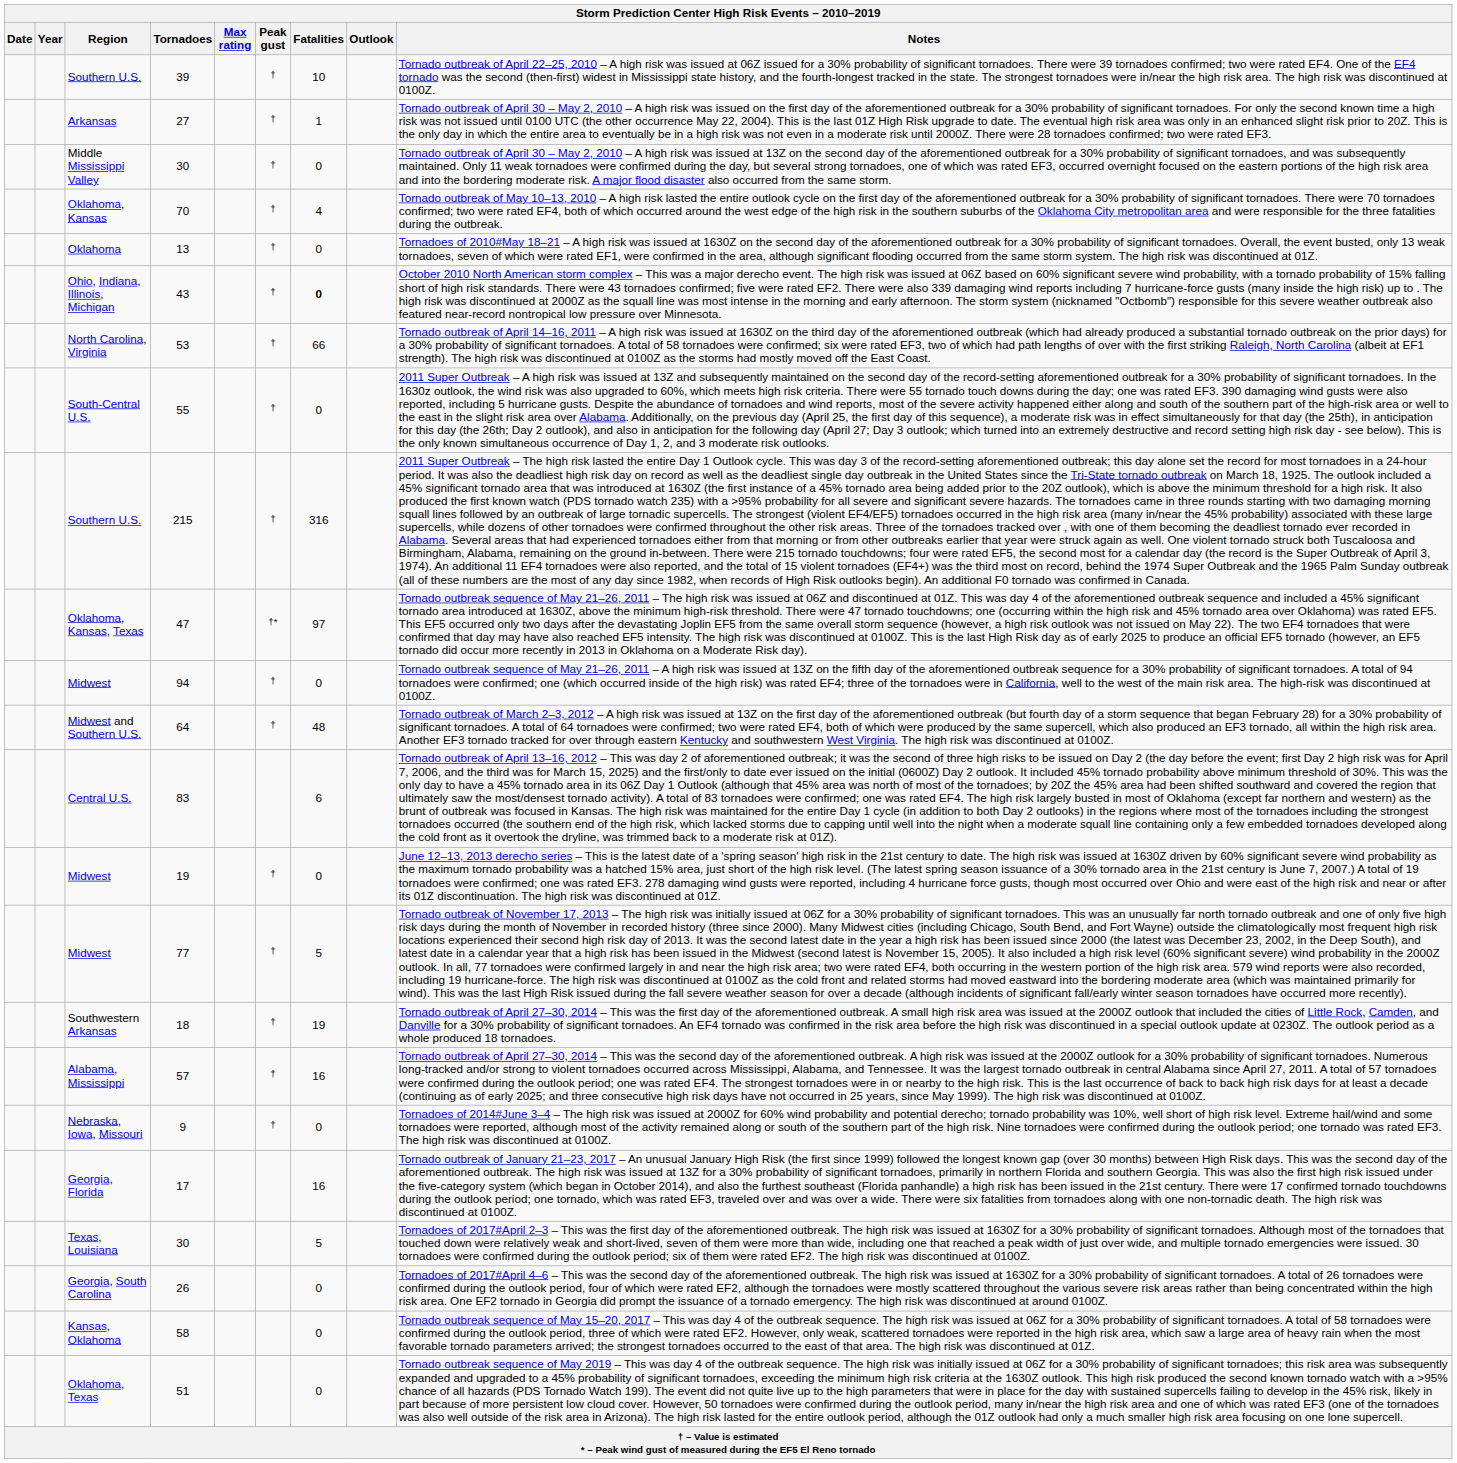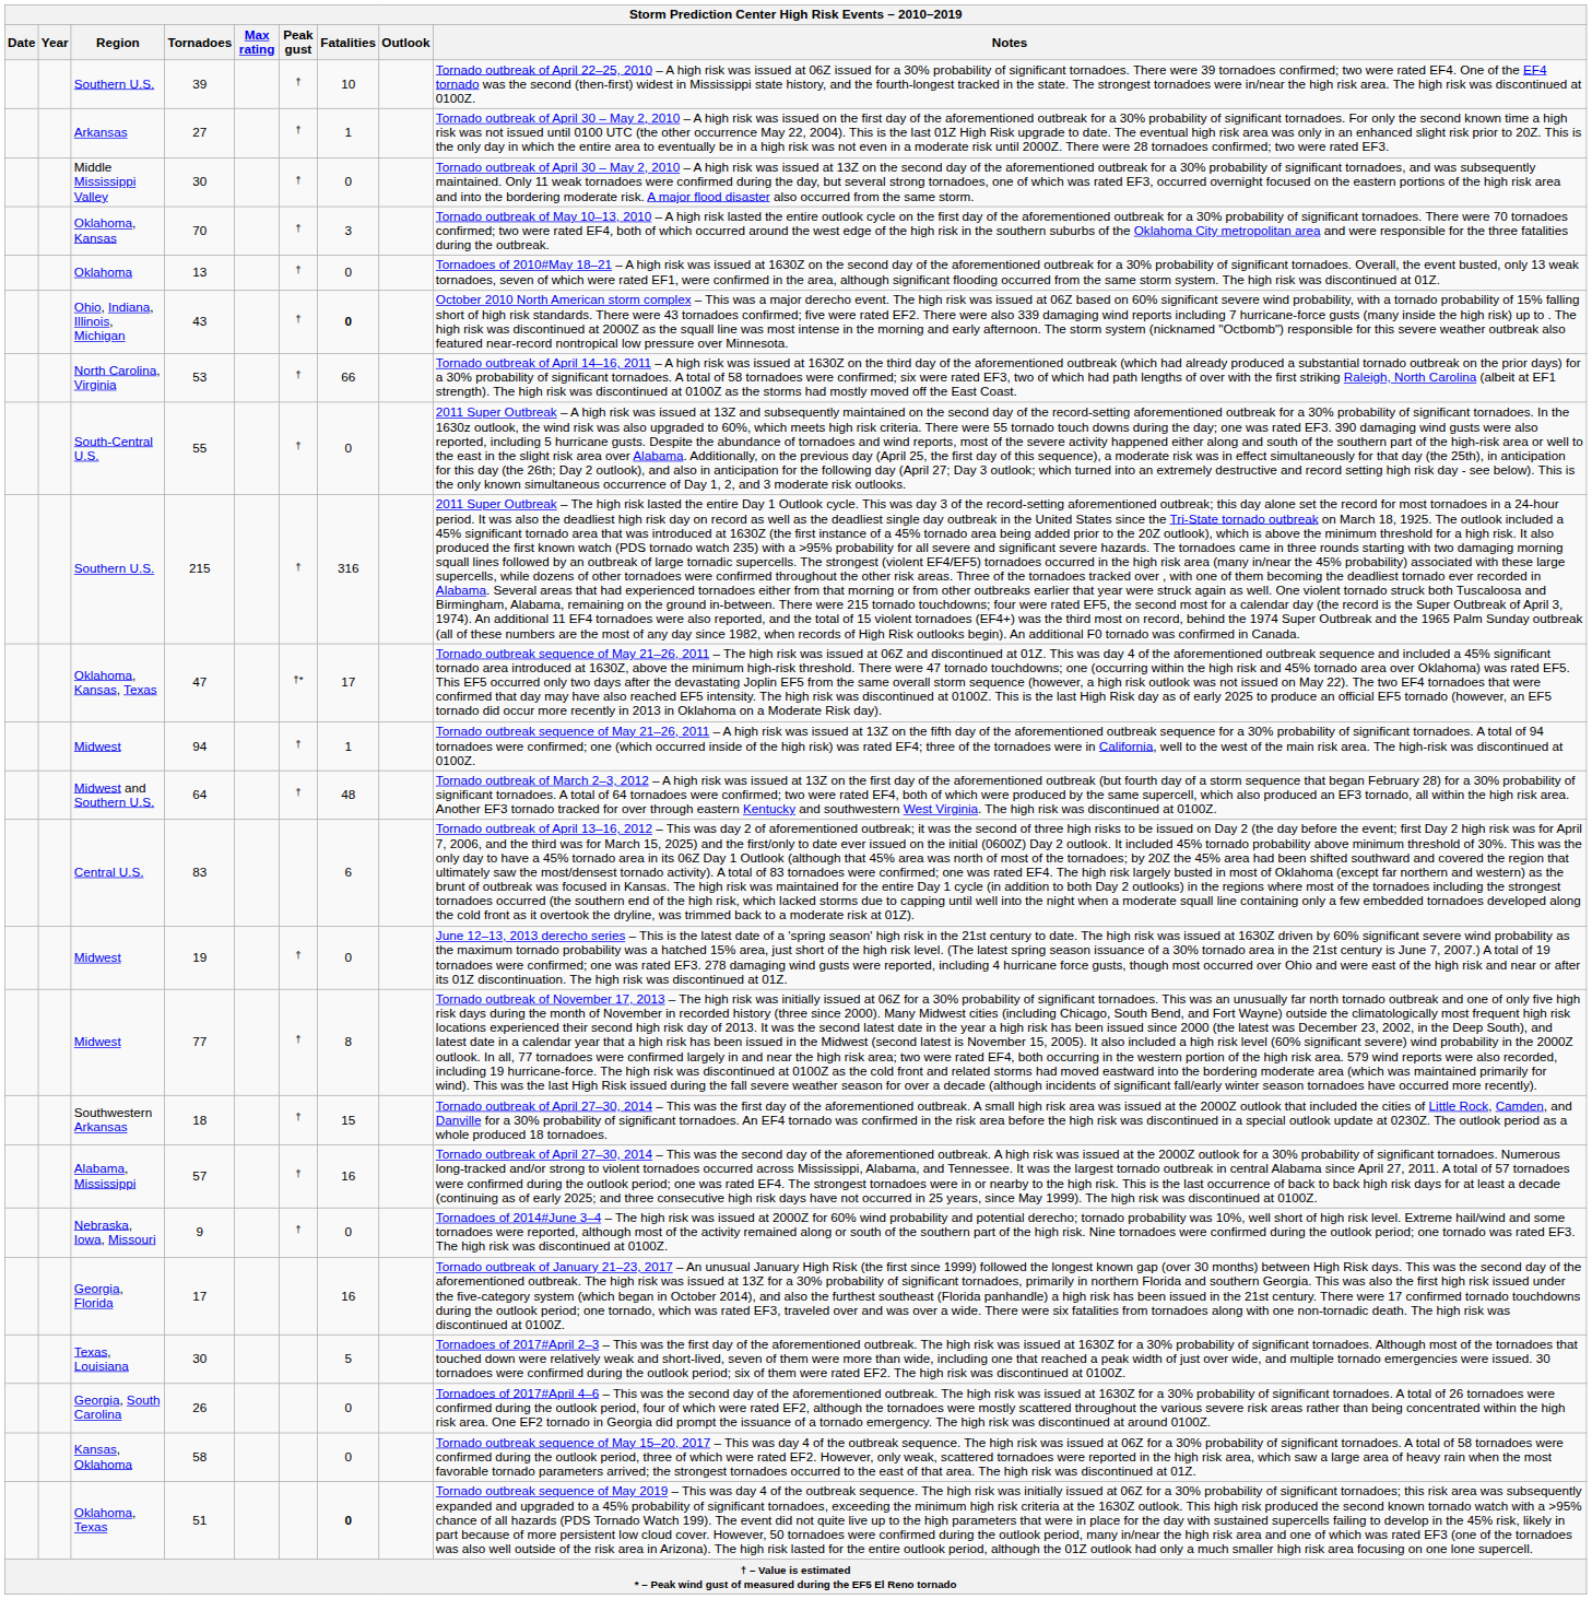 <table class="wikitable collapsible sortable" style="width:100%;">
 <tr>
 <th colspan="9">Storm Prediction Center High Risk Events – 2010–2019</th>
 </tr>
 <tr>
 <th scope="col">Date</th>
 <th scope="col">Year</th>
 <th scope="col" class="unsortable">Region</th>
 <th scope="col">Tornadoes</th>
 <th scope="col"><a href='#'>Max rating</a></th>
 <th scope="col">Peak gust</th>
 <th scope="col">Fatalities</th>
 <th scope="col" class="unsortable">Outlook</th>
 <th scope="col" class="unsortable">Notes</th>
 </tr>
 <tr>
 <td></td>
 <td></td>
 <td><a href='#'>Southern U.S.</a></td>
 <td style="text-align:center;">39</td>
 <td></td>
 <td style="text-align:center;"><sup>†</sup></td>
 <td style="text-align:center;">10</td>
 <td></td>
 <td><a href='#'>Tornado outbreak of April 22–25, 2010</a> – A high risk was issued at 06Z issued for a 30% probability of significant tornadoes. There were 39 tornadoes confirmed; two were rated EF4. One of the <a href='#'>EF4 tornado</a> was the second (then-first) widest in Mississippi state history, and the fourth-longest tracked in the state. The strongest tornadoes were in/near the high risk area. The high risk was discontinued at 0100Z.</td>
 </tr>
 <tr>
 <td></td>
 <td></td>
 <td><a href='#'>Arkansas</a></td>
 <td style="text-align:center;">27</td>
 <td></td>
 <td style="text-align:center;"><sup>†</sup></td>
 <td style="text-align:center;">1</td>
 <td></td>
 <td><a href='#'>Tornado outbreak of April 30 – May 2, 2010</a> – A high risk was issued on the first day of the aforementioned outbreak for a 30% probability of significant tornadoes. For only the second known time a high risk was not issued until 0100 UTC (the other occurrence May 22, 2004). This is the last 01Z High Risk upgrade to date. The eventual high risk area was only in an enhanced slight risk prior to 20Z. This is the only day in which the entire area to eventually be in a high risk was not even in a moderate risk until 2000Z. There were 28 tornadoes confirmed; two were rated EF3.</td>
 </tr>
 <tr>
 <td></td>
 <td></td>
 <td>Middle <a href='#'>Mississippi Valley</a></td>
 <td style="text-align:center;">30</td>
 <td></td>
 <td style="text-align:center;"><sup>†</sup></td>
 <td style="text-align:center;">0</td>
 <td></td>
 <td><a href='#'>Tornado outbreak of April 30 – May 2, 2010</a> – A high risk was issued at 13Z on the second day of the aforementioned outbreak for a 30% probability of significant tornadoes, and was subsequently maintained. Only 11 weak tornadoes were confirmed during the day, but several strong tornadoes, one of which was rated EF3, occurred overnight focused on the eastern portions of the high risk area and into the bordering moderate risk. <a href='#'>A major flood disaster</a> also occurred from the same storm.</td>
 </tr>
 <tr>
 <td></td>
 <td></td>
 <td><a href='#'>Oklahoma</a>, <a href='#'>Kansas</a></td>
 <td style="text-align:center;">70</td>
 <td></td>
 <td style="text-align:center;"><sup>†</sup></td>
-<td style="text-align:center;">4</td>
+<td style="text-align:center;">3</td>
 <td></td>
 <td><a href='#'>Tornado outbreak of May 10–13, 2010</a> – A high risk lasted the entire outlook cycle on the first day of the aforementioned outbreak for a 30% probability of significant tornadoes. There were 70 tornadoes confirmed; two were rated EF4, both of which occurred around the west edge of the high risk in the southern suburbs of the <a href='#'>Oklahoma City metropolitan area</a> and were responsible for the three fatalities during the outbreak.</td>
 </tr>
 <tr>
 <td></td>
 <td></td>
 <td><a href='#'>Oklahoma</a></td>
 <td style="text-align:center;">13</td>
 <td></td>
 <td style="text-align:center;"><sup>†</sup></td>
 <td style="text-align:center;">0</td>
 <td></td>
 <td><a href='#'>Tornadoes of 2010#May 18–21</a> – A high risk was issued at 1630Z on the second day of the aforementioned outbreak for a 30% probability of significant tornadoes. Overall, the event busted, only 13 weak tornadoes, seven of which were rated EF1, were confirmed in the area, although significant flooding occurred from the same storm system. The high risk was discontinued at 01Z.</td>
 </tr>
 <tr>
 <td></td>
 <td></td>
 <td><a href='#'>Ohio</a>, <a href='#'>Indiana</a>, <a href='#'>Illinois</a>, <a href='#'>Michigan</a></td>
 <td style="text-align:center;">43</td>
 <td></td>
 <td style="text-align:center;"><sup>†</sup></td>
 <td style="text-align:center;"><strong>0</strong></td>
 <td></td>
 <td><a href='#'>October 2010 North American storm complex</a> – This was a major derecho event. The high risk was issued at 06Z based on 60% significant severe wind probability, with a tornado probability of 15% falling short of high risk standards. There were 43 tornadoes confirmed; five were rated EF2. There were also 339 damaging wind reports including 7 hurricane-force gusts (many inside the high risk) up to . The high risk was discontinued at 2000Z as the squall line was most intense in the morning and early afternoon. The storm system (nicknamed "Octbomb") responsible for this severe weather outbreak also featured near-record nontropical low pressure over Minnesota.</td>
 </tr>
 <tr>
 <td></td>
 <td></td>
 <td><a href='#'>North Carolina</a>, <a href='#'>Virginia</a></td>
 <td style="text-align:center;">53</td>
 <td></td>
 <td style="text-align:center;"><sup>†</sup></td>
 <td style="text-align:center;">66</td>
 <td></td>
 <td><a href='#'>Tornado outbreak of April 14–16, 2011</a> – A high risk was issued at 1630Z on the third day of the aforementioned outbreak (which had already produced a substantial tornado outbreak on the prior days) for a 30% probability of significant tornadoes. A total of 58 tornadoes were confirmed; six were rated EF3, two of which had path lengths of over  with the first striking <a href='#'>Raleigh, North Carolina</a> (albeit at EF1 strength). The high risk was discontinued at 0100Z as the storms had mostly moved off the East Coast.</td>
 </tr>
 <tr>
 <td></td>
 <td></td>
 <td><a href='#'>South-Central U.S.</a></td>
 <td style="text-align:center;">55</td>
 <td></td>
 <td style="text-align:center;"><sup>†</sup></td>
 <td style="text-align:center;">0</td>
 <td></td>
 <td><a href='#'>2011 Super Outbreak</a> – A high risk was issued at 13Z and subsequently maintained on the second day of the record-setting aforementioned outbreak for a 30% probability of significant tornadoes. In the 1630z outlook, the wind risk was also upgraded to 60%, which meets high risk criteria. There were 55 tornado touch downs during the day; one was rated EF3. 390 damaging wind gusts were also reported, including 5 hurricane gusts. Despite the abundance of tornadoes and wind reports, most of the severe activity happened either along and south of the southern part of the high-risk area or well to the east in the slight risk area over <a href='#'>Alabama</a>. Additionally, on the previous day (April 25, the first day of this sequence), a moderate risk was in effect simultaneously for that day (the 25th), in anticipation for this day (the 26th; Day 2 outlook), and also in anticipation for the following day (April 27; Day 3 outlook; which turned into an extremely destructive and record setting high risk day - see below). This is the only known simultaneous occurrence of Day 1, 2, and 3 moderate risk outlooks.</td>
 </tr>
 <tr>
 <td></td>
 <td></td>
 <td><a href='#'>Southern U.S.</a></td>
 <td style="text-align:center;">215</td>
 <td></td>
 <td style="text-align:center;"><sup>†</sup></td>
 <td style="text-align:center;">316</td>
 <td></td>
 <td><a href='#'>2011 Super Outbreak</a> – The high risk lasted the entire Day 1 Outlook cycle. This was day 3 of the record-setting aforementioned outbreak; this day alone set the record for most tornadoes in a 24-hour period. It was also the deadliest high risk day on record as well as the deadliest single day outbreak in the United States since the <a href='#'>Tri-State tornado outbreak</a> on March 18, 1925. The outlook included a 45% significant tornado area that was introduced at 1630Z (the first instance of a 45% tornado area being added prior to the 20Z outlook), which is above the minimum threshold for a high risk. It also produced the first known watch (PDS tornado watch 235) with a >95% probability for all severe and significant severe hazards. The tornadoes came in three rounds starting with two damaging morning squall lines followed by an outbreak of large tornadic supercells. The strongest (violent EF4/EF5) tornadoes occurred in the high risk area (many in/near the 45% probability) associated with these large supercells, while dozens of other tornadoes were confirmed throughout the other risk areas. Three of the tornadoes tracked over , with one of them becoming the deadliest tornado ever recorded in <a href='#'>Alabama</a>. Several areas that had experienced tornadoes either from that morning or from other outbreaks earlier that year were struck again as well. One violent tornado struck both Tuscaloosa and Birmingham, Alabama, remaining on the ground in-between. There were 215 tornado touchdowns; four were rated EF5, the second most for a calendar day (the record is the Super Outbreak of April 3, 1974). An additional 11 EF4 tornadoes were also reported, and the total of 15 violent tornadoes (EF4+) was the third most on record, behind the 1974 Super Outbreak and the 1965 Palm Sunday outbreak (all of these numbers are the most of any day since 1982, when records of High Risk outlooks begin). An additional F0 tornado was confirmed in Canada.</td>
 </tr>
 <tr>
 <td></td>
 <td></td>
 <td><a href='#'>Oklahoma</a>, <a href='#'>Kansas</a>, <a href='#'>Texas</a></td>
 <td style="text-align:center;">47</td>
 <td></td>
 <td style="text-align:center;"><sup>†*</sup></td>
-<td style="text-align:center;">97</td>
+<td style="text-align:center;">17</td>
 <td></td>
 <td><a href='#'>Tornado outbreak sequence of May 21–26, 2011</a> – The high risk was issued at 06Z and discontinued at 01Z. This was day 4 of the aforementioned outbreak sequence and included a 45% significant tornado area introduced at 1630Z, above the minimum high-risk threshold. There were 47 tornado touchdowns; one (occurring within the high risk and 45% tornado area over Oklahoma) was rated EF5. This EF5 occurred only two days after the devastating Joplin EF5 from the same overall storm sequence (however, a high risk outlook was not issued on May 22). The two EF4 tornadoes that were confirmed that day may have also reached EF5 intensity. The high risk was discontinued at 0100Z. This is the last High Risk day as of early 2025 to produce an official EF5 tornado (however, an EF5 tornado did occur more recently in 2013 in Oklahoma on a Moderate Risk day).</td>
 </tr>
 <tr>
 <td></td>
 <td></td>
 <td><a href='#'>Midwest</a></td>
 <td style="text-align:center;">94</td>
 <td></td>
 <td style="text-align:center;"><sup>†</sup></td>
-<td style="text-align:center;">0</td>
+<td style="text-align:center;">1</td>
 <td></td>
 <td><a href='#'>Tornado outbreak sequence of May 21–26, 2011</a> – A high risk was issued at 13Z on the fifth day of the aforementioned outbreak sequence for a 30% probability of significant tornadoes. A total of 94 tornadoes were confirmed; one (which occurred inside of the high risk) was rated EF4; three of the tornadoes were in <a href='#'>California</a>, well to the west of the main risk area. The high-risk was discontinued at 0100Z.</td>
 </tr>
 <tr>
 <td></td>
 <td></td>
 <td><a href='#'>Midwest</a> and <a href='#'>Southern U.S.</a></td>
 <td style="text-align:center;">64</td>
 <td></td>
 <td style="text-align:center;"><sup>†</sup></td>
 <td style="text-align:center;">48</td>
 <td></td>
 <td><a href='#'>Tornado outbreak of March 2–3, 2012</a> – A high risk was issued at 13Z on the first day of the aforementioned outbreak (but fourth day of a storm sequence that began February 28) for a 30% probability of significant tornadoes. A total of 64 tornadoes were confirmed; two were rated EF4, both of which were produced by the same supercell, which also produced an EF3 tornado, all within the high risk area. Another EF3 tornado tracked for over  through eastern <a href='#'>Kentucky</a> and southwestern <a href='#'>West Virginia</a>. The high risk was discontinued at 0100Z.</td>
 </tr>
 <tr>
 <td></td>
 <td></td>
 <td><a href='#'>Central U.S.</a></td>
 <td style="text-align:center;">83</td>
 <td></td>
 <td style="text-align:center;"></td>
 <td style="text-align:center;">6</td>
 <td></td>
 <td><a href='#'>Tornado outbreak of April 13–16, 2012</a> – This was day 2 of aforementioned outbreak; it was the second of three high risks to be issued on Day 2 (the day before the event; first Day 2 high risk was for April 7, 2006, and the third was for March 15, 2025) and the first/only to date ever issued on the initial (0600Z) Day 2 outlook. It included 45% tornado probability above minimum threshold of 30%. This was the only day to have a 45% tornado area in its 06Z Day 1 Outlook (although that 45% area was north of most of the tornadoes; by 20Z the 45% area had been shifted southward and covered the region that ultimately saw the most/densest tornado activity). A total of 83 tornadoes were confirmed; one was rated EF4. The high risk largely busted in most of Oklahoma (except far northern and western) as the brunt of outbreak was focused in Kansas. The high risk was maintained for the entire Day 1 cycle (in addition to both Day 2 outlooks) in the regions where most of the tornadoes including the strongest tornadoes occurred (the southern end of the high risk, which lacked storms due to capping until well into the night when a moderate squall line containing only a few embedded tornadoes developed along the cold front as it overtook the dryline, was trimmed back to a moderate risk at 01Z).</td>
 </tr>
 <tr>
 <td></td>
 <td></td>
 <td><a href='#'>Midwest</a></td>
 <td style="text-align:center;">19</td>
 <td></td>
 <td style="text-align:center;"><sup>†</sup></td>
 <td style="text-align:center;">0</td>
 <td></td>
 <td><a href='#'>June 12–13, 2013 derecho series</a> – This is the latest date of a 'spring season' high risk in the 21st century to date. The high risk was issued at 1630Z driven by 60% significant severe wind probability as the maximum tornado probability was a hatched 15% area, just short of the high risk level. (The latest spring season issuance of a 30% tornado area in the 21st century is June 7, 2007.) A total of 19 tornadoes were confirmed; one was rated EF3. 278 damaging wind gusts were reported, including 4 hurricane force gusts, though most occurred over Ohio and were east of the high risk and near or after its 01Z discontinuation. The high risk was discontinued at 01Z.</td>
 </tr>
 <tr>
 <td></td>
 <td></td>
 <td><a href='#'>Midwest</a></td>
 <td style="text-align:center;">77</td>
 <td></td>
 <td style="text-align:center;"><sup>†</sup></td>
-<td style="text-align:center;">5</td>
+<td style="text-align:center;">8</td>
 <td></td>
 <td><a href='#'>Tornado outbreak of November 17, 2013</a> – The high risk was initially issued at 06Z for a 30% probability of significant tornadoes. This was an unusually far north tornado outbreak and one of only five high risk days during the month of November in recorded history (three since 2000). Many Midwest cities (including Chicago, South Bend, and Fort Wayne) outside the climatologically most frequent high risk locations experienced their second high risk day of 2013. It was the second latest date in the year a high risk has been issued since 2000 (the latest was December 23, 2002, in the Deep South), and latest date in a calendar year that a high risk has been issued in the Midwest (second latest is November 15, 2005). It also included a high risk level (60% significant severe) wind probability in the 2000Z outlook. In all, 77 tornadoes were confirmed largely in and near the high risk area; two were rated EF4, both occurring in the western portion of the high risk area. 579 wind reports were also recorded, including 19 hurricane-force. The high risk was discontinued at 0100Z as the cold front and related storms had moved eastward into the bordering moderate area (which was maintained primarily for wind). This was the last High Risk issued during the fall severe weather season for over a decade (although incidents of significant fall/early winter season tornadoes have occurred more recently).</td>
 </tr>
 <tr>
 <td></td>
 <td></td>
 <td>Southwestern <a href='#'>Arkansas</a></td>
 <td style="text-align:center;">18</td>
 <td></td>
 <td style="text-align:center;"><sup>†</sup></td>
-<td style="text-align:center;">19</td>
+<td style="text-align:center;">15</td>
 <td></td>
 <td><a href='#'>Tornado outbreak of April 27–30, 2014</a> – This was the first day of the aforementioned outbreak. A small high risk area was issued at the 2000Z outlook that included the cities of <a href='#'>Little Rock</a>, <a href='#'>Camden</a>, and <a href='#'>Danville</a> for a 30% probability of significant tornadoes. An EF4 tornado was confirmed in the risk area before the high risk was discontinued in a special outlook update at 0230Z. The outlook period as a whole produced 18 tornadoes.</td>
 </tr>
 <tr>
 <td></td>
 <td></td>
 <td><a href='#'>Alabama</a>, <a href='#'>Mississippi</a></td>
 <td style="text-align:center;">57</td>
 <td></td>
 <td style="text-align:center;"><sup>†</sup></td>
 <td style="text-align:center;">16</td>
 <td></td>
 <td><a href='#'>Tornado outbreak of April 27–30, 2014</a> – This was the second day of the aforementioned outbreak. A high risk was issued at the 2000Z outlook for a 30% probability of significant tornadoes. Numerous long-tracked and/or strong to violent tornadoes occurred across Mississippi, Alabama, and Tennessee. It was the largest tornado outbreak in central Alabama since April 27, 2011. A total of 57 tornadoes were confirmed during the outlook period; one was rated EF4. The strongest tornadoes were in or nearby to the high risk.  This is the last occurrence of back to back high risk days for at least a decade (continuing as of early 2025; and three consecutive high risk days have not occurred in 25 years, since May 1999). The high risk was discontinued at 0100Z.</td>
 </tr>
 <tr>
 <td></td>
 <td></td>
 <td><a href='#'>Nebraska</a>, <a href='#'>Iowa</a>, <a href='#'>Missouri</a></td>
 <td style="text-align:center;">9</td>
 <td></td>
 <td style="text-align:center;"><sup>†</sup></td>
 <td style="text-align:center;">0</td>
 <td></td>
 <td><a href='#'>Tornadoes of 2014#June 3–4</a> – The high risk was issued at 2000Z for 60% wind probability and potential derecho; tornado probability was 10%, well short of high risk level. Extreme hail/wind and some tornadoes were reported, although most of the activity remained along or south of the southern part of the high risk. Nine tornadoes were confirmed during the outlook period; one tornado was rated EF3. The high risk was discontinued at 0100Z.</td>
 </tr>
 <tr>
 <td></td>
 <td></td>
 <td><a href='#'>Georgia</a>, <a href='#'>Florida</a></td>
 <td style="text-align:center;">17</td>
 <td></td>
 <td style="text-align:center;"></td>
 <td style="text-align:center;">16</td>
 <td></td>
 <td><a href='#'>Tornado outbreak of January 21–23, 2017</a> – An unusual January High Risk (the first since 1999) followed the longest known gap (over 30 months) between High Risk days. This was the second day of the aforementioned outbreak. The high risk was issued at 13Z for a 30% probability of significant tornadoes, primarily in northern Florida and southern Georgia. This was also the first high risk issued under the five-category system (which began in October 2014), and also the furthest southeast (Florida panhandle) a high risk has been issued in the 21st century. There were 17 confirmed tornado touchdowns during the outlook period; one tornado, which was rated EF3, traveled over  and was over a  wide. There were six fatalities from tornadoes along with one non-tornadic death. The high risk was discontinued at 0100Z.</td>
 </tr>
 <tr>
 <td></td>
 <td></td>
 <td><a href='#'>Texas</a>, <a href='#'>Louisiana</a></td>
 <td style="text-align:center;">30</td>
 <td></td>
 <td style="text-align:center;"></td>
 <td style="text-align:center;">5</td>
 <td></td>
 <td><a href='#'>Tornadoes of 2017#April 2–3</a> – This was the first day of the aforementioned outbreak. The high risk was issued at 1630Z for a 30% probability of significant tornadoes. Although most of the tornadoes that touched down were relatively weak and short-lived, seven of them were more than  wide, including one that reached a peak width of just over  wide, and multiple tornado emergencies were issued. 30 tornadoes were confirmed during the outlook period; six of them were rated EF2. The high risk was discontinued at 0100Z.</td>
 </tr>
 <tr>
 <td></td>
 <td></td>
 <td><a href='#'>Georgia</a>, <a href='#'>South Carolina</a></td>
 <td style="text-align:center;">26</td>
 <td></td>
 <td style="text-align:center;"></td>
 <td style="text-align:center;">0</td>
 <td></td>
 <td><a href='#'>Tornadoes of 2017#April 4–6</a> – This was the second day of the aforementioned outbreak. The high risk was issued at 1630Z for a 30% probability of significant tornadoes. A total of 26 tornadoes were confirmed during the outlook period, four of which were rated EF2, although the tornadoes were mostly scattered throughout the various severe risk areas rather than being concentrated within the high risk area. One EF2 tornado in Georgia did prompt the issuance of a tornado emergency. The high risk was discontinued at around 0100Z.</td>
 </tr>
 <tr>
 <td></td>
 <td></td>
 <td><a href='#'>Kansas</a>, <a href='#'>Oklahoma</a></td>
 <td style="text-align:center;">58</td>
 <td></td>
 <td style="text-align:center;"></td>
 <td style="text-align:center;">0</td>
 <td></td>
 <td><a href='#'>Tornado outbreak sequence of May 15–20, 2017</a> – This was day 4 of the outbreak sequence. The high risk was issued at 06Z for a 30% probability of significant tornadoes. A total of 58 tornadoes were confirmed during the outlook period, three of which were rated EF2. However, only weak, scattered tornadoes were reported in the high risk area, which saw a large area of heavy rain when the most favorable tornado parameters arrived; the strongest tornadoes occurred to the east of that area. The high risk was discontinued at 01Z.</td>
 </tr>
 <tr>
 <td></td>
 <td></td>
 <td><a href='#'>Oklahoma</a>, <a href='#'>Texas</a></td>
 <td style="text-align:center;">51</td>
 <td></td>
 <td style="text-align:center;"></td>
-<td style="text-align:center;">0</td>
+<td style="text-align:center;"><strong>0</strong></td>
 <td></td>
 <td><a href='#'>Tornado outbreak sequence of May 2019</a> – This was day 4 of the outbreak sequence. The high risk was initially issued at 06Z for a 30% probability of significant tornadoes; this risk area was subsequently expanded and upgraded to a 45% probability of significant tornadoes, exceeding the minimum high risk criteria at the 1630Z outlook. This high risk produced the second known tornado watch with a >95% chance of all hazards (PDS Tornado Watch 199). The event did not quite live up to the high parameters that were in place for the day with sustained supercells failing to develop in the 45% risk, likely in part because of more persistent low cloud cover. However, 50 tornadoes were confirmed during the outlook period, many in/near the high risk area and one of which was rated EF3 (one of the tornadoes was also well outside of the risk area in Arizona). The high risk lasted for the entire outlook period, although the 01Z outlook had only a much smaller high risk area focusing on one lone supercell.</td>
 </tr>
 <tr>
 <th colspan="9" class="sortbottom"><small>† – Value is estimated</small><br><small>* – Peak wind gust of  measured during the EF5 El Reno tornado</small></th>
 </tr>
 </table>
